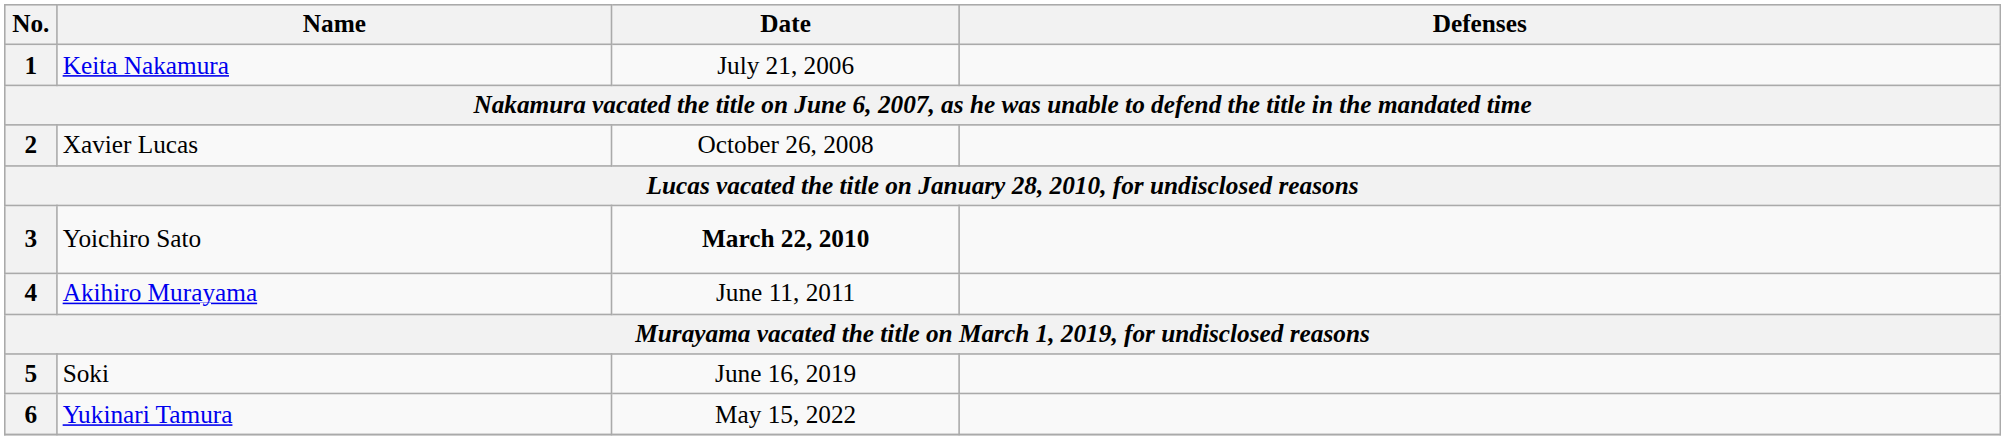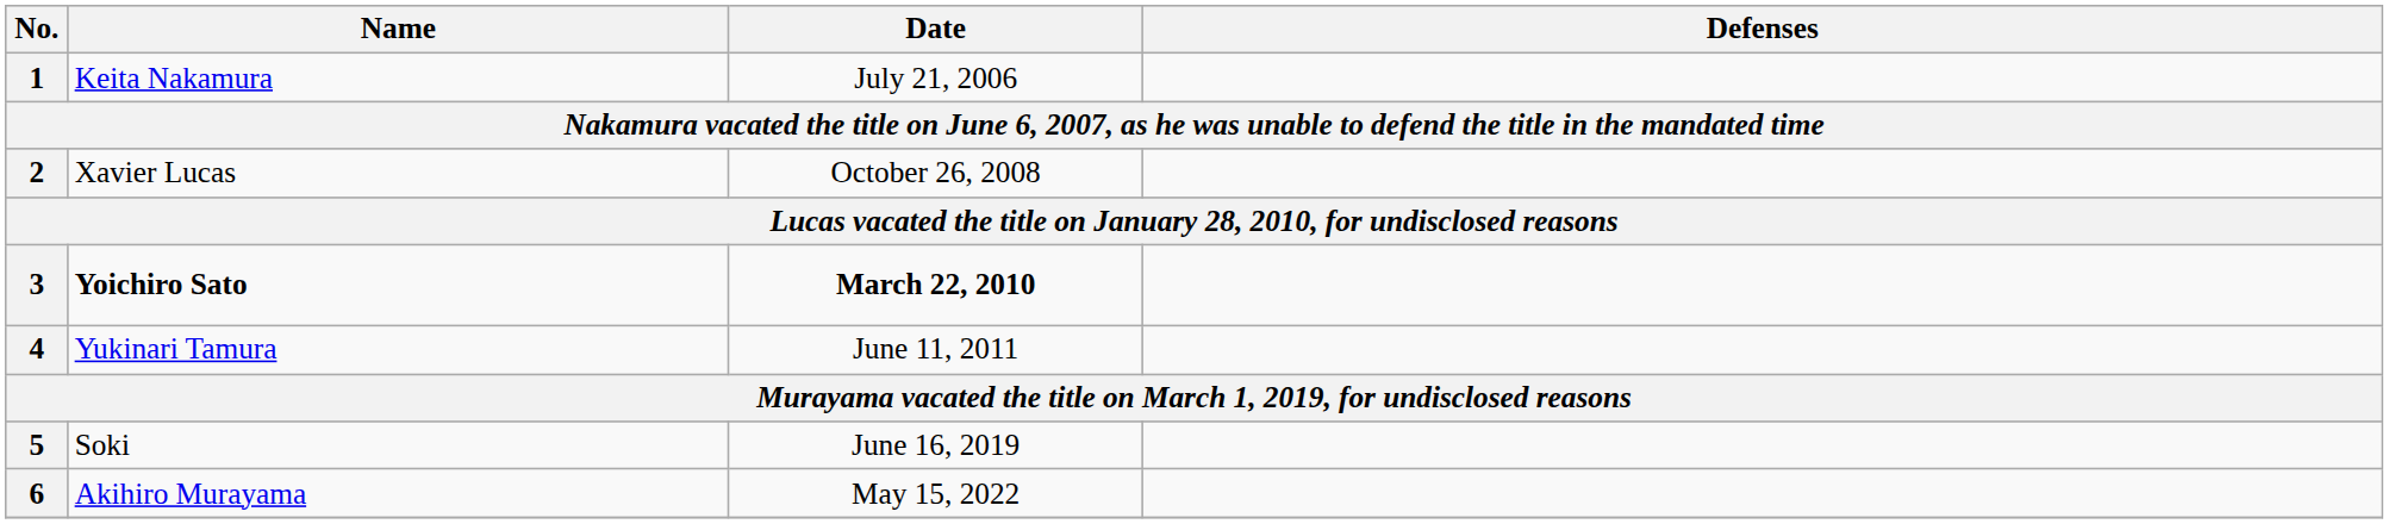 <table class="wikitable" width=100%>
 <tr>
 <th width=1%>No.</th>
 <th width=24%>Name</th>
 <th width=15%>Date</th>
 <th width=45%>Defenses</th>
 </tr>
 <tr>
 <th>1</th>
 <td> <a href='#'>Keita Nakamura</a> <br></td>
 <td align=center>July 21, 2006</td>
 <td></td>
 </tr>
 <tr>
 <th colspan=4 align=center><em>Nakamura vacated the title on June 6, 2007, as he was unable to defend the title in the mandated time</em></th>
 </tr>
 <tr>
 <th>2</th>
 <td> Xavier Lucas <br></td>
 <td align=center>October 26, 2008</td>
 <td></td>
 </tr>
 <tr>
 <th colspan=4 align=center><em>Lucas vacated the title on January 28, 2010, for undisclosed reasons</em></th>
 </tr>
 <tr>
 <th>3</th>
-<td> Yoichiro Sato<br></td>
+<td><strong> Yoichiro Sato<br></strong></td>
 <td align=center><strong>March 22, 2010</strong></td>
 <td><br> <br> </td>
 </tr>
 <tr>
 <th>4</th>
-<td> <a href='#'>Akihiro Murayama</a></td>
+<td> <a href='#'>Yukinari Tamura</a></td>
 <td align=center>June 11, 2011</td>
 <td></td>
 </tr>
 <tr>
 <th colspan=4 align=center><em>Murayama vacated the title on March 1, 2019, for undisclosed reasons</em></th>
 </tr>
 <tr>
 <th>5</th>
 <td> Soki <br></td>
 <td align=center>June 16, 2019</td>
 <td></td>
 </tr>
 <tr>
 <th>6</th>
-<td> <a href='#'>Yukinari Tamura</a></td>
+<td> <a href='#'>Akihiro Murayama</a></td>
 <td align=center>May 15, 2022</td>
 <td></td>
 </tr>
 <tr>
 </tr>
 </table>
